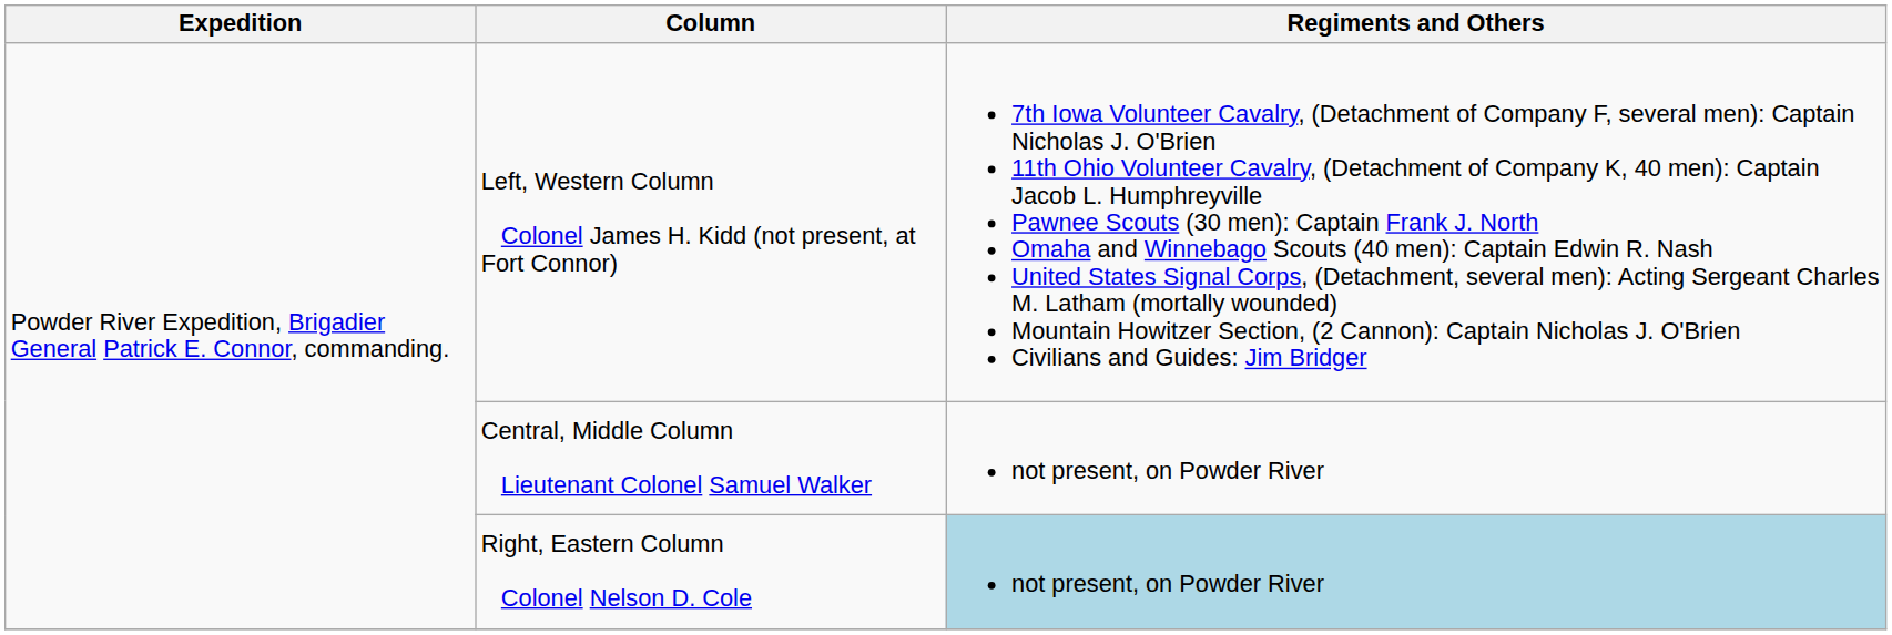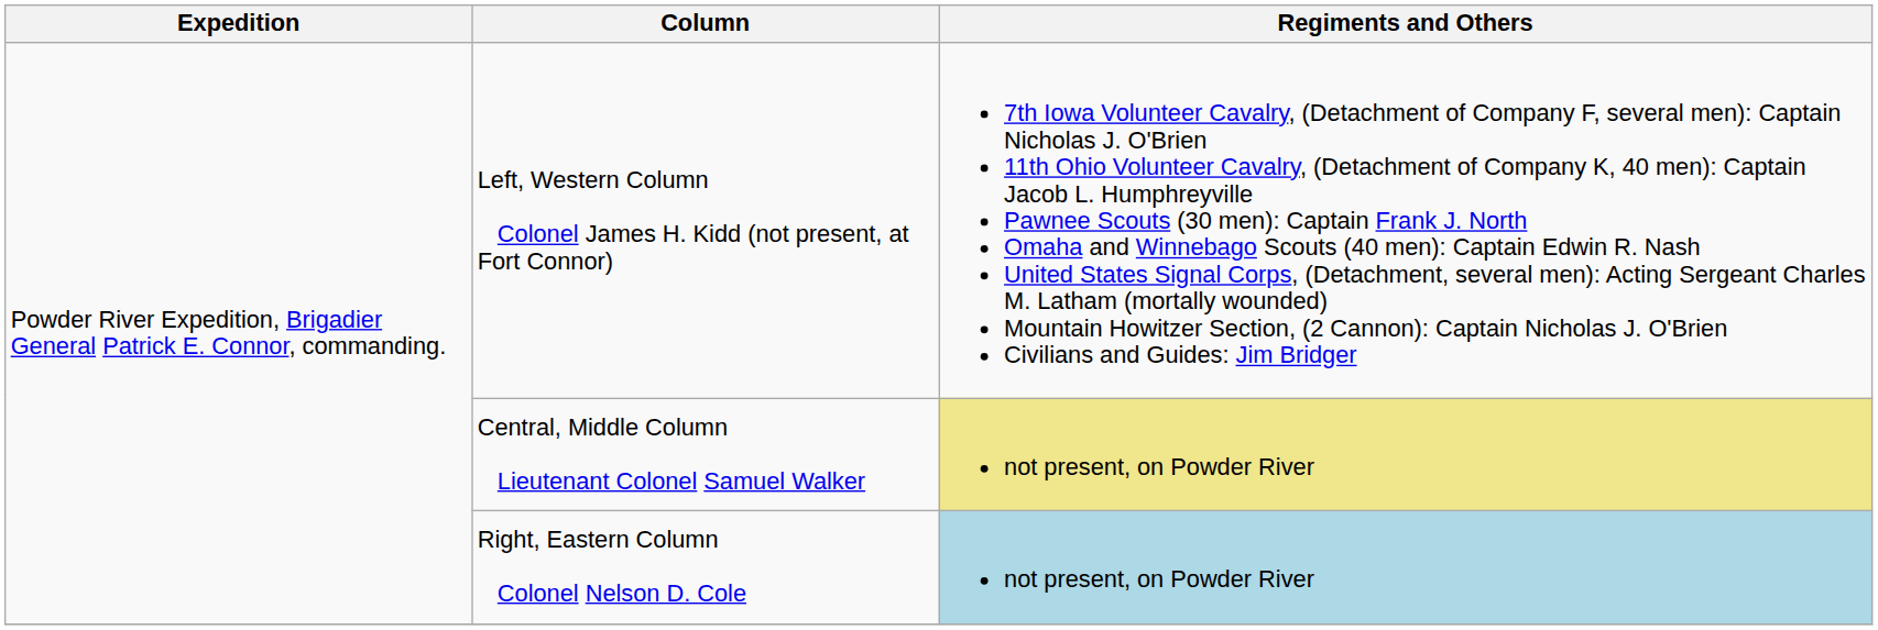 <table class="wikitable">
 <tr>
 <th width=25%>Expedition</th>
 <th width=25%>Column</th>
 <th>Regiments and Others</th>
 </tr>
 <tr>
 <td rowspan=3><br>Powder River Expedition, <a href='#'>Brigadier General</a> <a href='#'>Patrick E. Connor</a>, commanding.<br>    </td>
 <td>Left, Western Column<br><br>   <a href='#'>Colonel</a> James H. Kidd (not present, at Fort Connor)</td>
 <td><br><ul><li><a href='#'>7th Iowa Volunteer Cavalry</a>, (Detachment of Company F, several men): Captain Nicholas J. O'Brien</li><li><a href='#'>11th Ohio Volunteer Cavalry</a>, (Detachment of Company K, 40 men): Captain Jacob L. Humphreyville</li><li><a href='#'>Pawnee Scouts</a> (30 men): Captain <a href='#'>Frank J. North</a></li><li><a href='#'>Omaha</a> and <a href='#'>Winnebago</a> Scouts (40 men): Captain Edwin R. Nash</li><li><a href='#'>United States Signal Corps</a>, (Detachment, several men): Acting Sergeant Charles M. Latham (mortally wounded)</li><li>Mountain Howitzer Section, (2 Cannon): Captain Nicholas J. O'Brien</li><li>Civilians and Guides: <a href='#'>Jim Bridger</a></li></ul></td>
 </tr>
 <tr>
 <td>Central, Middle Column<br><br>   <a href='#'>Lieutenant Colonel</a> <a href='#'>Samuel Walker</a></td>
-<td><br><ul><li>not present, on Powder River</li></ul></td>
+<td style="background: khaki;"><br><ul><li>not present, on Powder River</li></ul></td>
 </tr>
 <tr>
 <td>Right, Eastern Column<br><br>   <a href='#'>Colonel</a> <a href='#'>Nelson D. Cole</a></td>
 <td style="background: lightblue;"><br><ul><li>not present, on Powder River</li></ul></td>
 </tr>
 <tr>
 </tr>
 </table>
